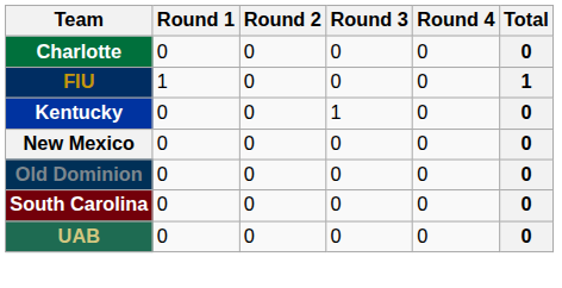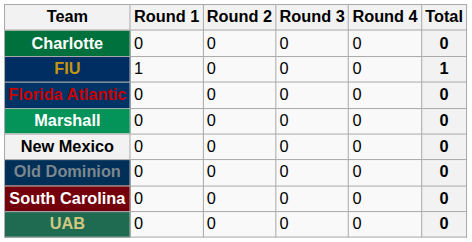 <table class="wikitable sortable">
 <tr>
 <th>Team</th>
 <th>Round 1</th>
 <th>Round 2</th>
 <th>Round 3</th>
 <th>Round 4</th>
 <th>Total</th>
 </tr>
 <tr>
 <th style="background:#00703C; color:#FFFFFF;">Charlotte</th>
 <td>0</td>
 <td>0</td>
 <td>0</td>
 <td>0</td>
 <th>0</th>
 </tr>
 <tr>
 <th style="background:#002d62; color:#c5960c;">FIU</th>
 <td>1</td>
 <td>0</td>
 <td>0</td>
 <td>0</td>
 <th>1</th>
 </tr>
 <tr>
-<th style="background:#0033a0; color:#FFFFFF;">Kentucky</th>
+<th style="background:#003366; color:#CC0000;">Florida Atlantic</th>
 <td>0</td>
 <td>0</td>
-<td>1</td>
+<td>0</td>
+<td>0</td>
+<th>0</th>
+</tr>
+<tr>
+<th style="background:#04945a; color:#FFFFFF;">Marshall</th>
+<td>0</td>
+<td>0</td>
+<td>0</td>
 <td>0</td>
 <th>0</th>
 </tr>
 <tr>
 <th>New Mexico</th>
 <td>0</td>
 <td>0</td>
 <td>0</td>
 <td>0</td>
 <th>0</th>
 </tr>
 <tr>
 <th style="background:#003057; color:#7c878e;">Old Dominion</th>
 <td>0</td>
 <td>0</td>
 <td>0</td>
 <td>0</td>
 <th>0</th>
 </tr>
 <tr>
 <th style="background:#73000a; color:#FFFFFF;">South Carolina</th>
 <td>0</td>
 <td>0</td>
 <td>0</td>
 <td>0</td>
 <th>0</th>
 </tr>
 <tr>
 <th style="background:#1E6B52; color:#d2c780;">UAB</th>
 <td>0</td>
 <td>0</td>
 <td>0</td>
 <td>0</td>
 <th>0</th>
 </tr>
 </table>
